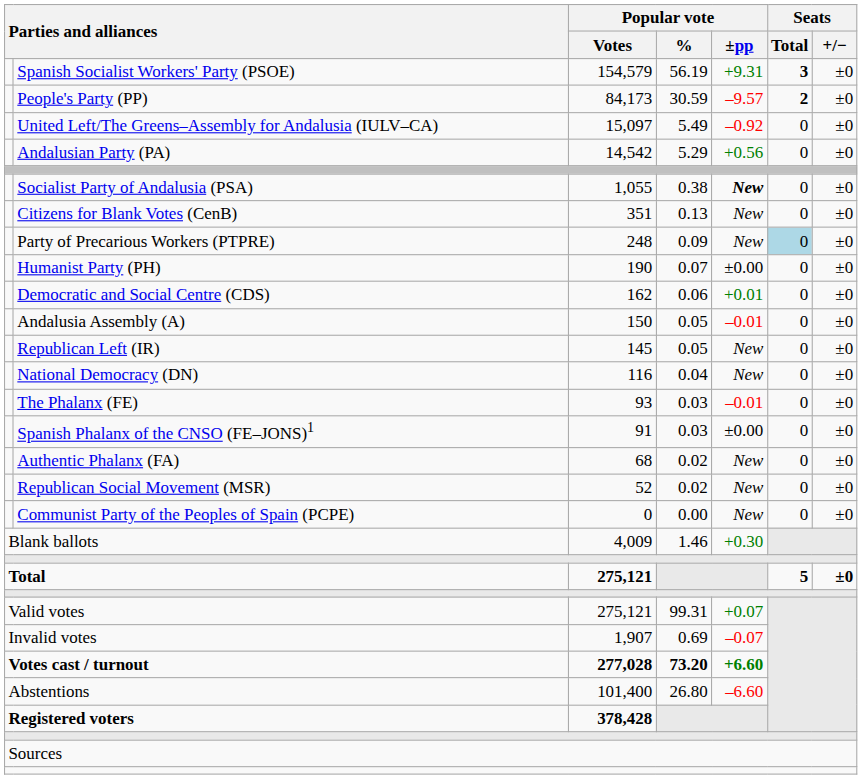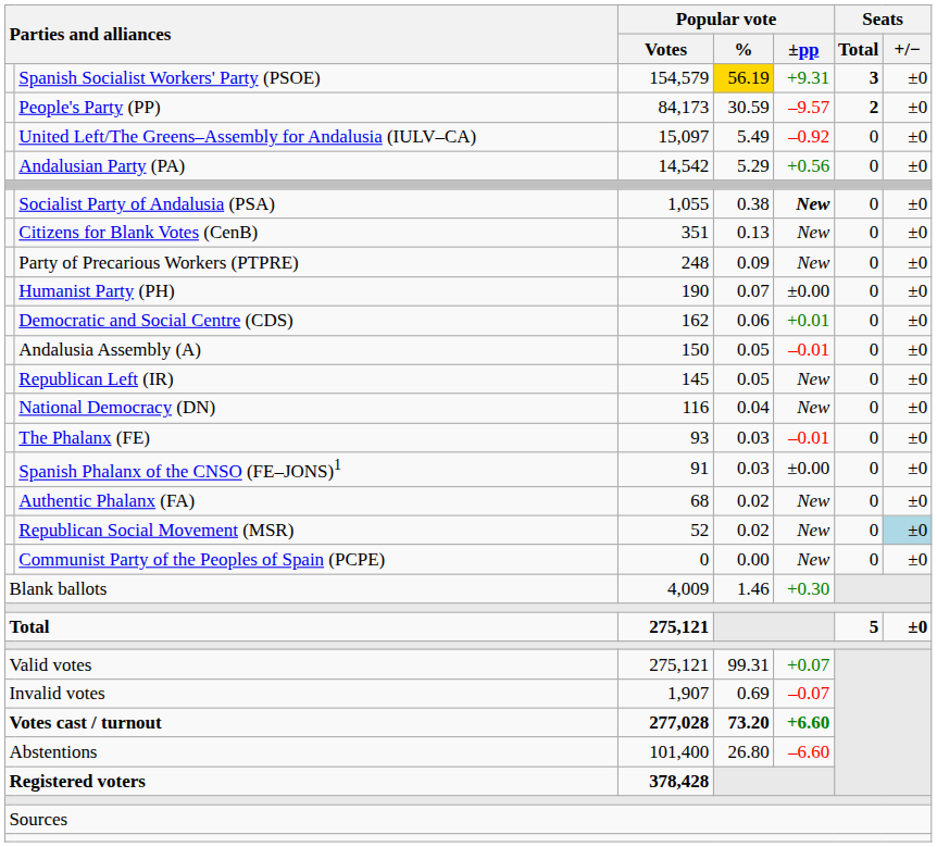 <table class="wikitable" style="text-align:right;">
 <tr>
 <th style="text-align:left;" rowspan="2" colspan="2" width="525">Parties and alliances</th>
 <th colspan="3">Popular vote</th>
 <th colspan="2">Seats</th>
 </tr>
 <tr>
 <th width="75">Votes</th>
 <th width="45">%</th>
 <th width="45">±<a href='#'>pp</a></th>
 <th width="35">Total</th>
 <th width="35">+/−</th>
 </tr>
 <tr>
 <td width="1" style="color:inherit;background:"></td>
 <td align="left"><a href='#'>Spanish Socialist Workers' Party</a> (PSOE)</td>
 <td>154,579</td>
-<td>56.19</td>
+<td style="background: gold;">56.19</td>
 <td style="color:green;">+9.31</td>
 <td><strong>3</strong></td>
 <td>±0</td>
 </tr>
 <tr>
 <td style="color:inherit;background:"></td>
 <td align="left"><a href='#'>People's Party</a> (PP)</td>
 <td>84,173</td>
 <td>30.59</td>
 <td style="color:red;">–9.57</td>
 <td><strong>2</strong></td>
 <td>±0</td>
 </tr>
 <tr>
 <td style="color:inherit;background:"></td>
 <td align="left"><a href='#'>United Left/The Greens–Assembly for Andalusia</a> (IULV–CA)</td>
 <td>15,097</td>
 <td>5.49</td>
 <td style="color:red;">–0.92</td>
 <td>0</td>
 <td>±0</td>
 </tr>
 <tr>
 <td style="color:inherit;background:"></td>
 <td align="left"><a href='#'>Andalusian Party</a> (PA)</td>
 <td>14,542</td>
 <td>5.29</td>
 <td style="color:green;">+0.56</td>
 <td>0</td>
 <td>±0</td>
 </tr>
 <tr>
 <td colspan="7" bgcolor="#C0C0C0"></td>
 </tr>
 <tr>
 <td style="color:inherit;background:"></td>
 <td align="left"><a href='#'>Socialist Party of Andalusia</a> (PSA)</td>
 <td>1,055</td>
 <td>0.38</td>
 <td><strong><em>New</em></strong></td>
 <td>0</td>
 <td>±0</td>
 </tr>
 <tr>
 <td style="color:inherit;background:"></td>
 <td align="left"><a href='#'>Citizens for Blank Votes</a> (CenB)</td>
 <td>351</td>
 <td>0.13</td>
 <td><em>New</em></td>
 <td>0</td>
 <td>±0</td>
 </tr>
 <tr>
 <td style="color:inherit;background:"></td>
 <td align="left">Party of Precarious Workers (PTPRE)</td>
 <td>248</td>
 <td>0.09</td>
 <td><em>New</em></td>
-<td style="background: lightblue;">0</td>
+<td>0</td>
 <td>±0</td>
 </tr>
 <tr>
 <td style="color:inherit;background:"></td>
 <td align="left"><a href='#'>Humanist Party</a> (PH)</td>
 <td>190</td>
 <td>0.07</td>
 <td>±0.00</td>
 <td>0</td>
 <td>±0</td>
 </tr>
 <tr>
 <td style="color:inherit;background:"></td>
 <td align="left"><a href='#'>Democratic and Social Centre</a> (CDS)</td>
 <td>162</td>
 <td>0.06</td>
 <td style="color:green;">+0.01</td>
 <td>0</td>
 <td>±0</td>
 </tr>
 <tr>
 <td style="color:inherit;background:"></td>
 <td align="left">Andalusia Assembly (A)</td>
 <td>150</td>
 <td>0.05</td>
 <td style="color:red;">–0.01</td>
 <td>0</td>
 <td>±0</td>
 </tr>
 <tr>
 <td style="color:inherit;background:"></td>
 <td align="left"><a href='#'>Republican Left</a> (IR)</td>
 <td>145</td>
 <td>0.05</td>
 <td><em>New</em></td>
 <td>0</td>
 <td>±0</td>
 </tr>
 <tr>
 <td style="color:inherit;background:"></td>
 <td align="left"><a href='#'>National Democracy</a> (DN)</td>
 <td>116</td>
 <td>0.04</td>
 <td><em>New</em></td>
 <td>0</td>
 <td>±0</td>
 </tr>
 <tr>
 <td style="color:inherit;background:"></td>
 <td align="left"><a href='#'>The Phalanx</a> (FE)</td>
 <td>93</td>
 <td>0.03</td>
 <td style="color:red;">–0.01</td>
 <td>0</td>
 <td>±0</td>
 </tr>
 <tr>
 <td style="color:inherit;background:"></td>
 <td align="left"><a href='#'>Spanish Phalanx of the CNSO</a> (FE–JONS)<sup>1</sup></td>
 <td>91</td>
 <td>0.03</td>
 <td>±0.00</td>
 <td>0</td>
 <td>±0</td>
 </tr>
 <tr>
 <td style="color:inherit;background:"></td>
 <td align="left"><a href='#'>Authentic Phalanx</a> (FA)</td>
 <td>68</td>
 <td>0.02</td>
 <td><em>New</em></td>
 <td>0</td>
 <td>±0</td>
 </tr>
 <tr>
 <td style="color:inherit;background:"></td>
 <td align="left"><a href='#'>Republican Social Movement</a> (MSR)</td>
 <td>52</td>
 <td>0.02</td>
 <td><em>New</em></td>
 <td>0</td>
-<td>±0</td>
+<td style="background: lightblue;">±0</td>
 </tr>
 <tr>
 <td style="color:inherit;background:"></td>
 <td align="left"><a href='#'>Communist Party of the Peoples of Spain</a> (PCPE)</td>
 <td>0</td>
 <td>0.00</td>
 <td><em>New</em></td>
 <td>0</td>
 <td>±0</td>
 </tr>
 <tr>
 <td align="left" colspan="2">Blank ballots</td>
 <td>4,009</td>
 <td>1.46</td>
 <td style="color:green;">+0.30</td>
 <td bgcolor="#E9E9E9" colspan="2"></td>
 </tr>
 <tr>
 <td colspan="7" bgcolor="#E9E9E9"></td>
 </tr>
 <tr style="font-weight:bold;">
 <td align="left" colspan="2">Total</td>
 <td>275,121</td>
 <td bgcolor="#E9E9E9" colspan="2"></td>
 <td>5</td>
 <td>±0</td>
 </tr>
 <tr>
 <td colspan="7" bgcolor="#E9E9E9"></td>
 </tr>
 <tr>
 <td align="left" colspan="2">Valid votes</td>
 <td>275,121</td>
 <td>99.31</td>
 <td style="color:green;">+0.07</td>
 <td bgcolor="#E9E9E9" colspan="2" rowspan="5"></td>
 </tr>
 <tr>
 <td align="left" colspan="2">Invalid votes</td>
 <td>1,907</td>
 <td>0.69</td>
 <td style="color:red;">–0.07</td>
 </tr>
 <tr style="font-weight:bold;">
 <td align="left" colspan="2">Votes cast / turnout</td>
 <td>277,028</td>
 <td>73.20</td>
 <td style="color:green;">+6.60</td>
 </tr>
 <tr>
 <td align="left" colspan="2">Abstentions</td>
 <td>101,400</td>
 <td>26.80</td>
 <td style="color:red;">–6.60</td>
 </tr>
 <tr style="font-weight:bold;">
 <td align="left" colspan="2">Registered voters</td>
 <td>378,428</td>
 <td bgcolor="#E9E9E9" colspan="2"></td>
 </tr>
 <tr>
 <td colspan="7" bgcolor="#E9E9E9"></td>
 </tr>
 <tr>
 <td align="left" colspan="7">Sources</td>
 </tr>
 <tr>
 <td colspan="7" style="text-align:left; max-width:790px;"></td>
 </tr>
 </table>
